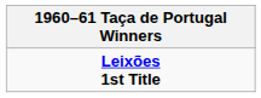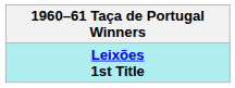 <table class="wikitable" style="text-align: center; margin: 0 auto; width: 20%">
 <tr>
 <th>1960–61 Taça de Portugal Winners</th>
 </tr>
 <tr>
-<td><strong><a href='#'>Leixões</a></strong><br><strong>1st Title</strong></td>
+<td style="background: paleturquoise;"><strong><a href='#'>Leixões</a></strong><br><strong>1st Title</strong></td>
 </tr>
 </table>
